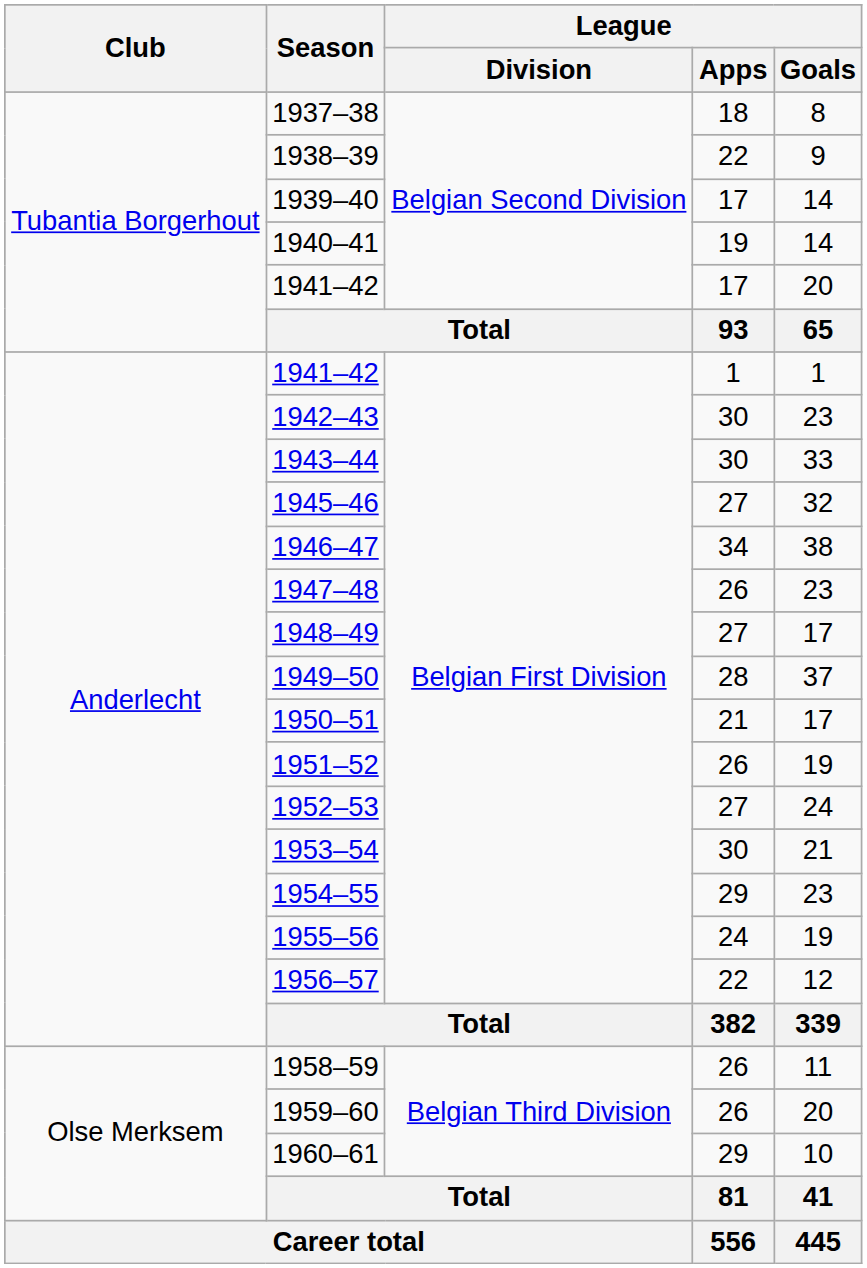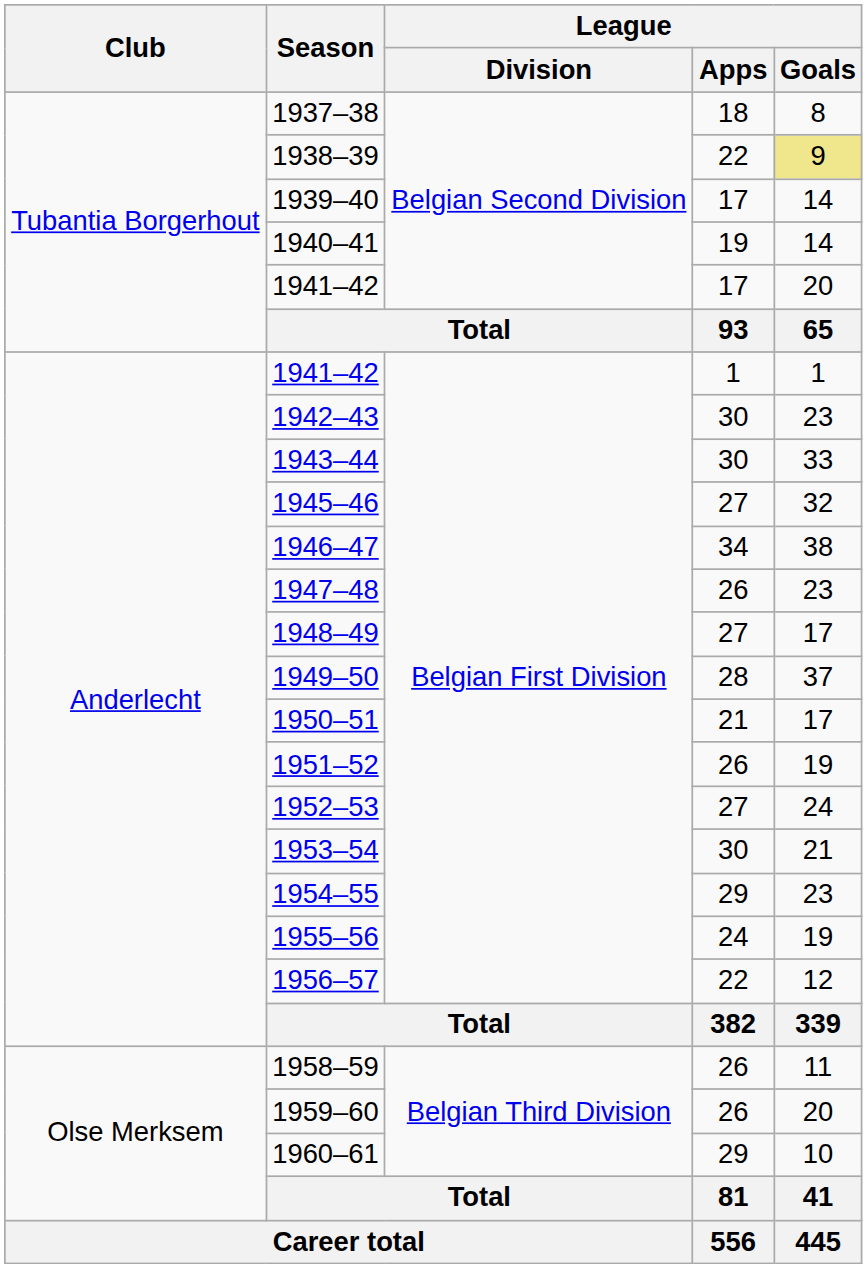 <table class="wikitable" style="text-align: center">
 <tr>
 <th rowspan="2">Club</th>
 <th rowspan="2">Season</th>
 <th colspan="3">League</th>
 </tr>
 <tr>
 <th>Division</th>
 <th>Apps</th>
 <th>Goals</th>
 </tr>
 <tr>
 <td rowspan="6"><a href='#'>Tubantia Borgerhout</a></td>
 <td>1937–38</td>
 <td rowspan="5"><a href='#'>Belgian Second Division</a></td>
 <td>18</td>
 <td>8</td>
 </tr>
 <tr>
 <td>1938–39</td>
 <td>22</td>
-<td>9</td>
+<td style="background: khaki;">9</td>
 </tr>
 <tr>
 <td>1939–40</td>
 <td>17</td>
 <td>14</td>
 </tr>
 <tr>
 <td>1940–41</td>
 <td>19</td>
 <td>14</td>
 </tr>
 <tr>
 <td>1941–42</td>
 <td>17</td>
 <td>20</td>
 </tr>
 <tr>
 <th colspan="2">Total</th>
 <th>93</th>
 <th>65</th>
 </tr>
 <tr>
 <td rowspan="16"><a href='#'>Anderlecht</a></td>
 <td><a href='#'>1941–42</a></td>
 <td rowspan="15"><a href='#'>Belgian First Division</a></td>
 <td>1</td>
 <td>1</td>
 </tr>
 <tr>
 <td><a href='#'>1942–43</a></td>
 <td>30</td>
 <td>23</td>
 </tr>
 <tr>
 <td><a href='#'>1943–44</a></td>
 <td>30</td>
 <td>33</td>
 </tr>
 <tr>
 <td><a href='#'>1945–46</a></td>
 <td>27</td>
 <td>32</td>
 </tr>
 <tr>
 <td><a href='#'>1946–47</a></td>
 <td>34</td>
 <td>38</td>
 </tr>
 <tr>
 <td><a href='#'>1947–48</a></td>
 <td>26</td>
 <td>23</td>
 </tr>
 <tr>
 <td><a href='#'>1948–49</a></td>
 <td>27</td>
 <td>17</td>
 </tr>
 <tr>
 <td><a href='#'>1949–50</a></td>
 <td>28</td>
 <td>37</td>
 </tr>
 <tr>
 <td><a href='#'>1950–51</a></td>
 <td>21</td>
 <td>17</td>
 </tr>
 <tr>
 <td><a href='#'>1951–52</a></td>
 <td>26</td>
 <td>19</td>
 </tr>
 <tr>
 <td><a href='#'>1952–53</a></td>
 <td>27</td>
 <td>24</td>
 </tr>
 <tr>
 <td><a href='#'>1953–54</a></td>
 <td>30</td>
 <td>21</td>
 </tr>
 <tr>
 <td><a href='#'>1954–55</a></td>
 <td>29</td>
 <td>23</td>
 </tr>
 <tr>
 <td><a href='#'>1955–56</a></td>
 <td>24</td>
 <td>19</td>
 </tr>
 <tr>
 <td><a href='#'>1956–57</a></td>
 <td>22</td>
 <td>12</td>
 </tr>
 <tr>
 <th colspan="2">Total</th>
 <th>382</th>
 <th>339</th>
 </tr>
 <tr>
 <td rowspan="4">Olse Merksem</td>
 <td>1958–59</td>
 <td rowspan="3"><a href='#'>Belgian Third Division</a></td>
 <td>26</td>
 <td>11</td>
 </tr>
 <tr>
 <td>1959–60</td>
 <td>26</td>
 <td>20</td>
 </tr>
 <tr>
 <td>1960–61</td>
 <td>29</td>
 <td>10</td>
 </tr>
 <tr>
 <th colspan="2">Total</th>
 <th>81</th>
 <th>41</th>
 </tr>
 <tr>
 <th colspan="3">Career total</th>
 <th>556</th>
 <th>445</th>
 </tr>
 </table>
